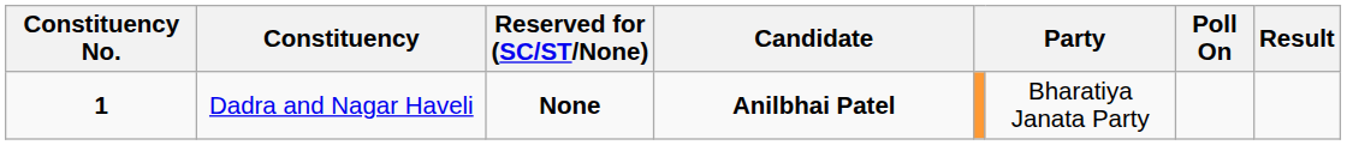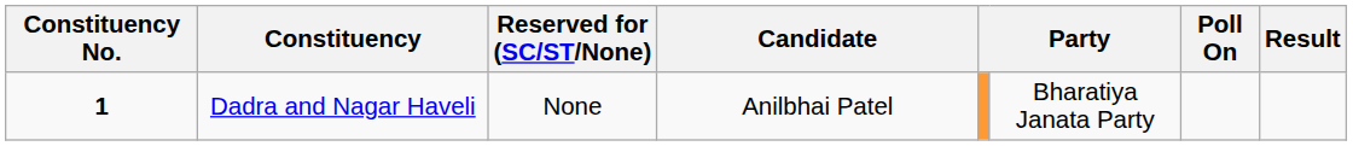 <table class="wikitable sortable" style="text-align:center">
 <tr>
 <th>Constituency No.</th>
 <th style="width:180px;">Constituency</th>
 <th>Reserved for<br>(<a href='#'>SC/ST</a>/None)</th>
 <th style="width:200px;">Candidate</th>
 <th colspan="2">Party</th>
 <th>Poll On</th>
 <th>Result</th>
 </tr>
 <tr>
 <td style="text-align:center;"><strong>1</strong></td>
 <td><a href='#'>Dadra and Nagar Haveli</a></td>
-<td><strong>None</strong></td>
-<td><strong>Anilbhai Patel</strong></td>
+<td>None</td>
+<td>Anilbhai Patel</td>
 <td bgcolor=#FF9933></td>
 <td>Bharatiya Janata Party</td>
 <td></td>
 <td></td>
 </tr>
 </table>
